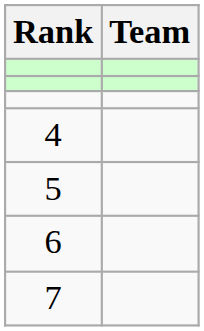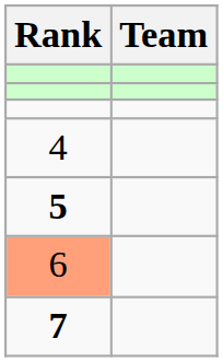 <table class="wikitable">
 <tr>
 <th>Rank</th>
 <th>Team</th>
 </tr>
 <tr bgcolor=ccffcc>
 <td align=center></td>
 <td></td>
 </tr>
 <tr bgcolor=ccffcc>
 <td align=center></td>
 <td></td>
 </tr>
 <tr>
 <td align=center></td>
 <td></td>
 </tr>
 <tr>
 <td align=center>4</td>
 <td></td>
 </tr>
 <tr>
-<td align=center>5</td>
+<td align=center><strong>5</strong></td>
 <td></td>
 </tr>
 <tr>
-<td align=center>6</td>
+<td align=center style="background: lightsalmon;">6</td>
 <td></td>
 </tr>
 <tr>
-<td align=center>7</td>
+<td align=center><strong>7</strong></td>
 <td></td>
 </tr>
 </table>
